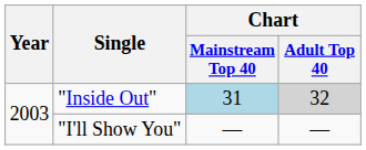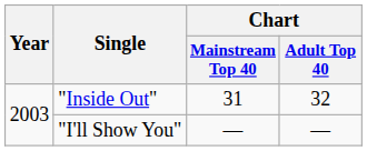 <table class="wikitable" style="text-align:center;">
 <tr>
 <th rowspan="2">Year</th>
 <th rowspan="2">Single</th>
 <th colspan="2">Chart</th>
 </tr>
 <tr style="font-size:smaller;">
 <th style="width:60px;"><a href='#'>Mainstream Top 40</a></th>
 <th style="width:60px;"><a href='#'>Adult Top 40</a></th>
 </tr>
 <tr>
 <td rowspan="2">2003</td>
 <td style="text-align:left;">"<a href='#'>Inside Out</a>"</td>
-<td style="background: lightblue;">31</td>
-<td style="background: lightgrey;">32</td>
+<td>31</td>
+<td>32</td>
 </tr>
 <tr>
 <td style="text-align:left;">"I'll Show You"</td>
 <td>—</td>
 <td>—</td>
 </tr>
 </table>
